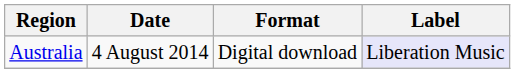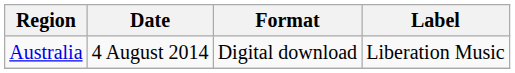 <table class=wikitable>
 <tr>
 <th>Region</th>
 <th>Date</th>
 <th>Format</th>
 <th>Label</th>
 </tr>
 <tr>
 <td><a href='#'>Australia</a></td>
 <td>4 August 2014</td>
 <td>Digital download</td>
-<td style="background: lavender;">Liberation Music</td>
+<td>Liberation Music</td>
 </tr>
 <tr>
 </tr>
 </table>
